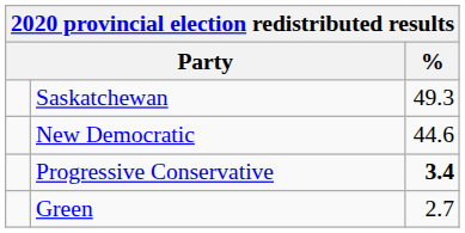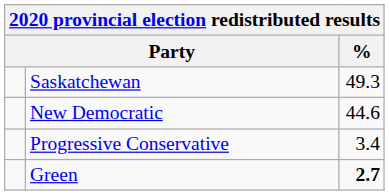 <table class="wikitable">
 <tr>
 <th colspan="4"><a href='#'>2020 provincial election</a> redistributed results</th>
 </tr>
 <tr>
 <th bgcolor="#DDDDFF" width="130px" colspan="2">Party</th>
 <th bgcolor="#DDDDFF" width="30px">%</th>
 </tr>
 <tr>
 <td> </td>
 <td><a href='#'>Saskatchewan</a></td>
 <td align=right>49.3</td>
 </tr>
 <tr>
 <td> </td>
 <td><a href='#'>New Democratic</a></td>
 <td align=right>44.6</td>
 </tr>
 <tr>
 <td> </td>
 <td><a href='#'>Progressive Conservative</a></td>
-<td align=right><strong>3.4</strong></td>
+<td align=right>3.4</td>
 </tr>
 <tr>
 <td> </td>
 <td><a href='#'>Green</a></td>
-<td align=right>2.7</td>
+<td align=right><strong>2.7</strong></td>
 </tr>
 </table>
